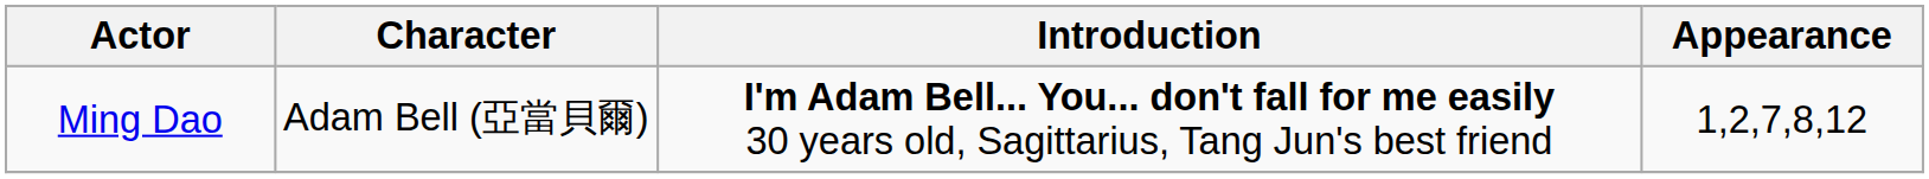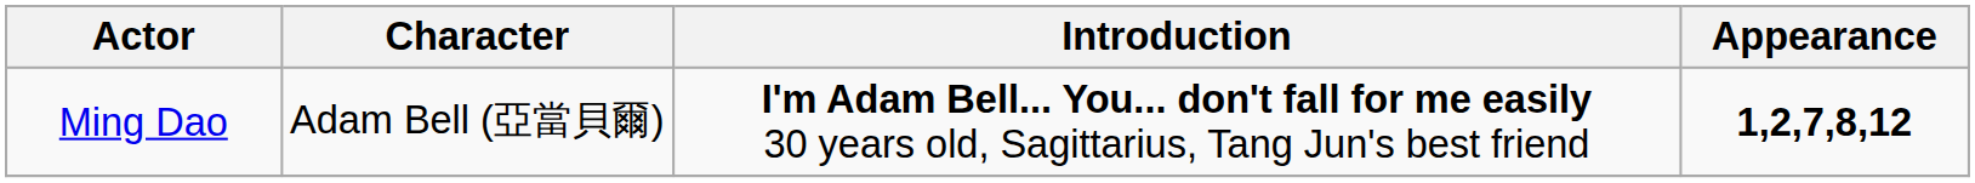 <table class="wikitable" style="text-align:center;">
 <tr>
 <th style="width:14%">Actor</th>
 <th style="width:20%">Character</th>
 <th>Introduction</th>
 <th>Appearance</th>
 </tr>
 <tr>
 <td><a href='#'>Ming Dao</a></td>
 <td>Adam Bell (亞當貝爾)</td>
 <td><strong>I'm Adam Bell... You... don't fall for me easily</strong><br>30 years old, Sagittarius, Tang Jun's best friend</td>
-<td>1,2,7,8,12</td>
+<td><strong>1,2,7,8,12</strong></td>
 </tr>
 <tr>
 </tr>
 </table>
